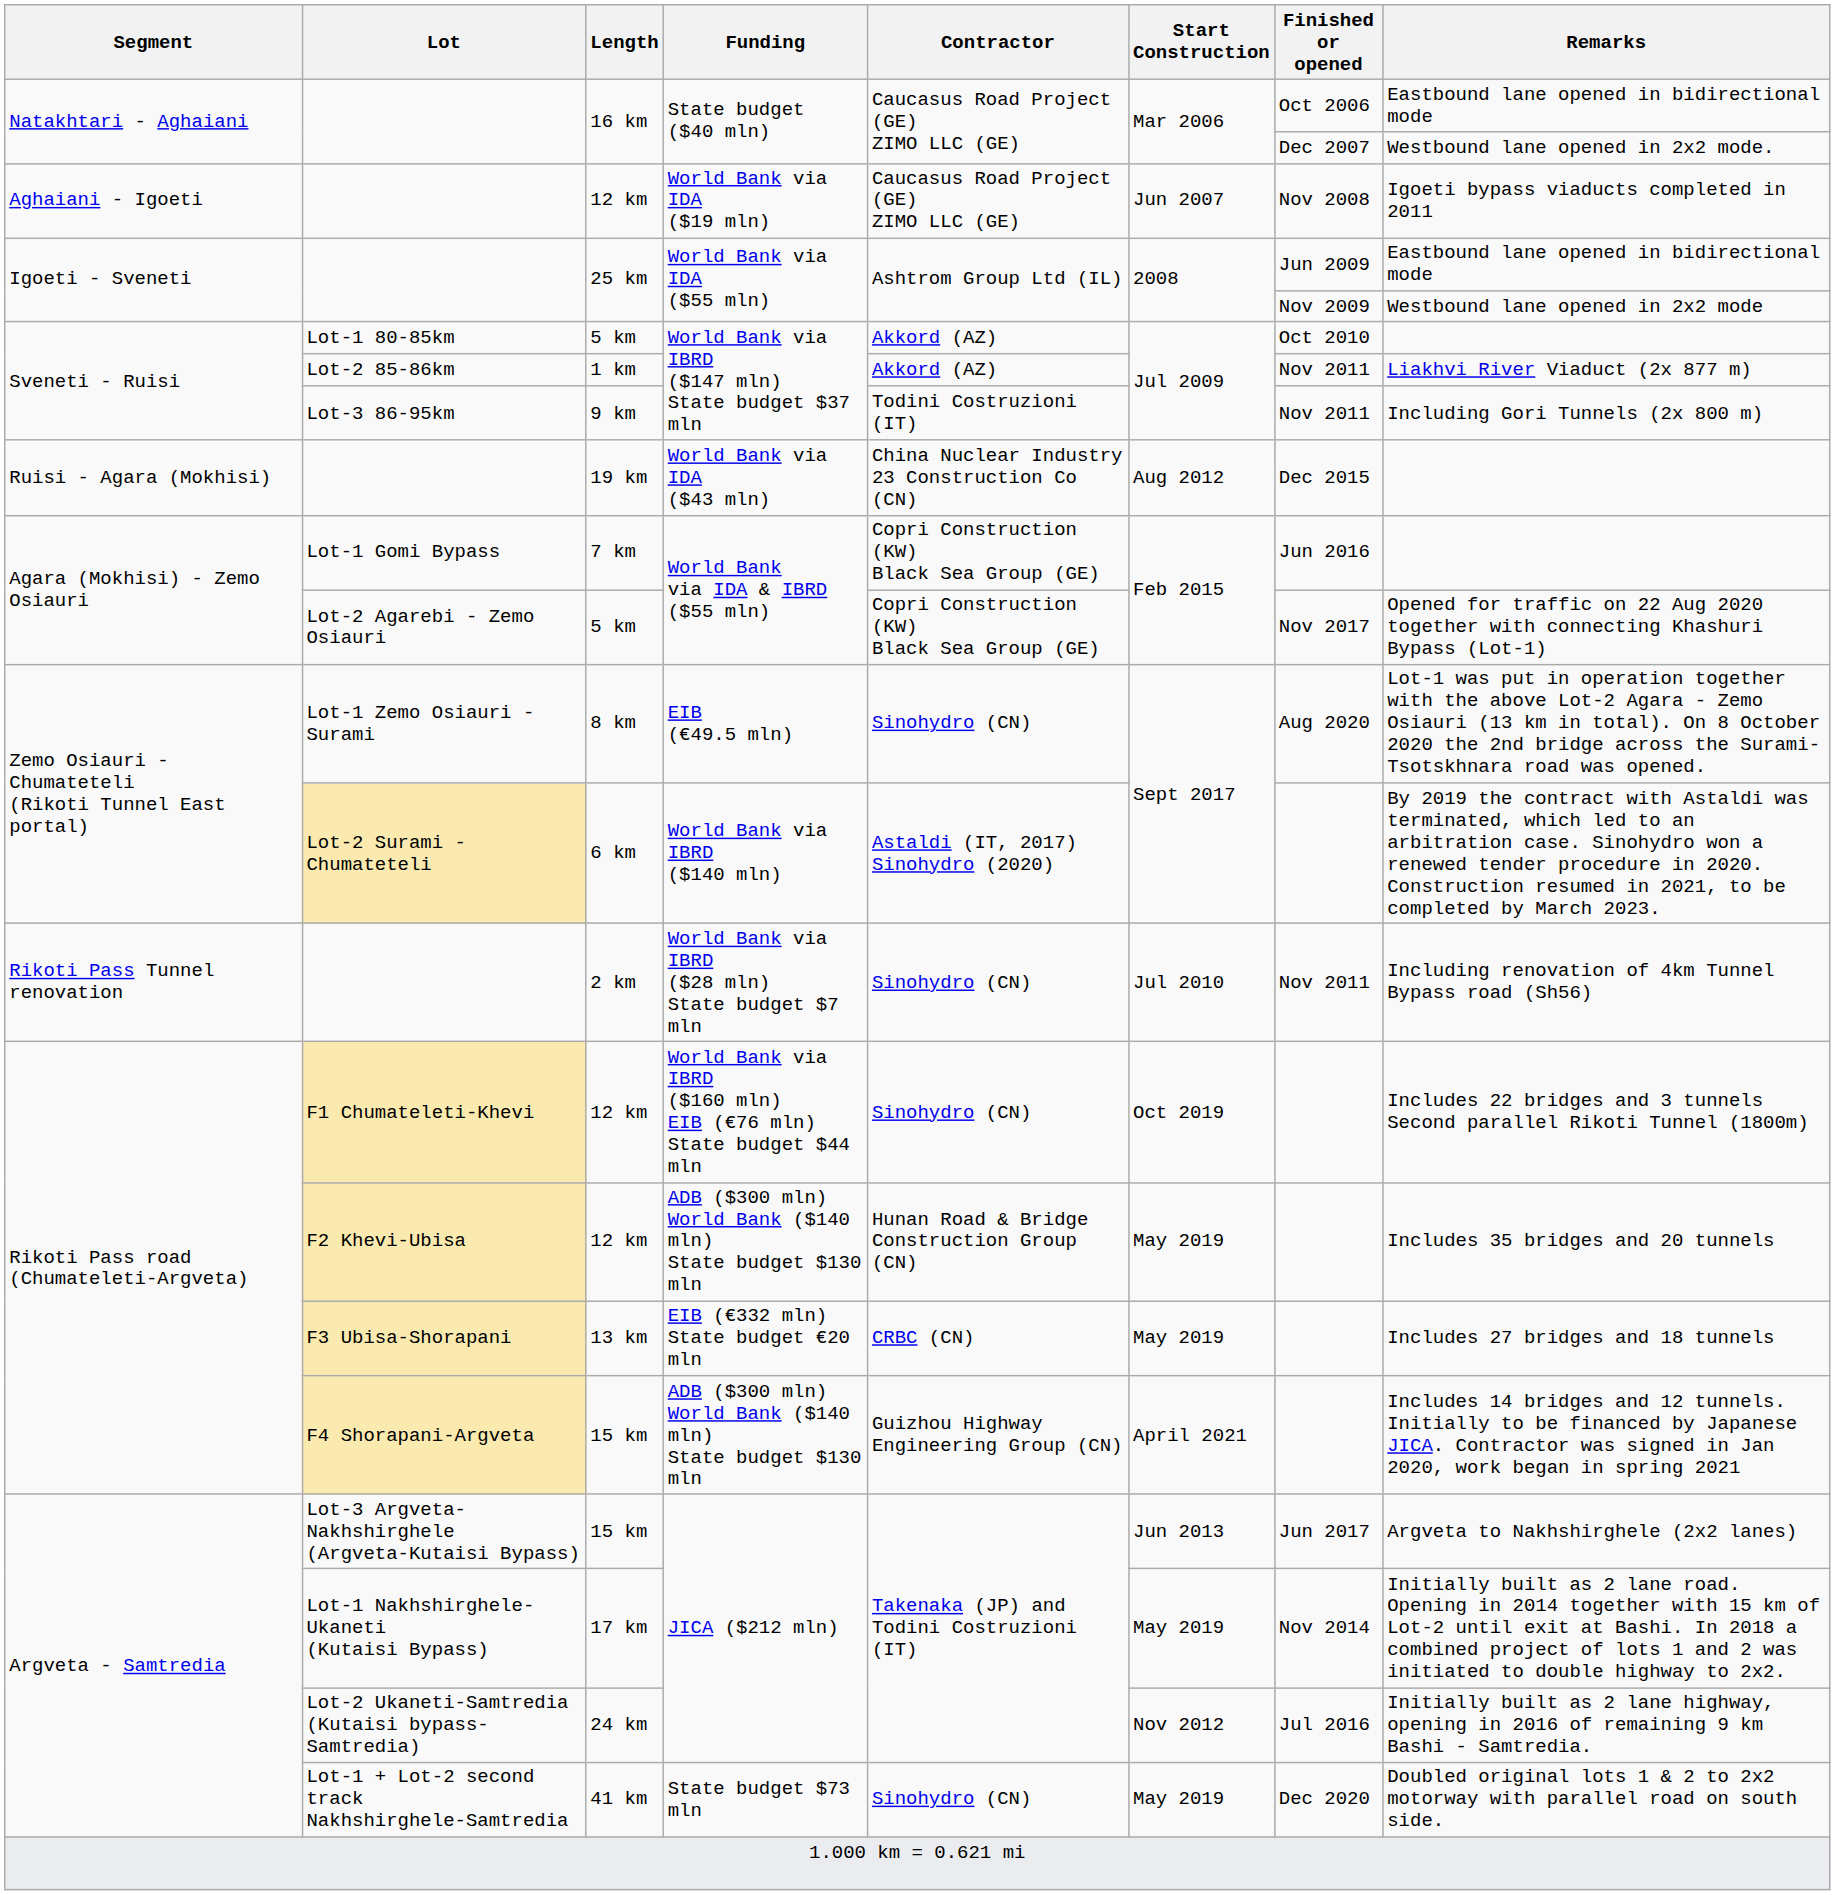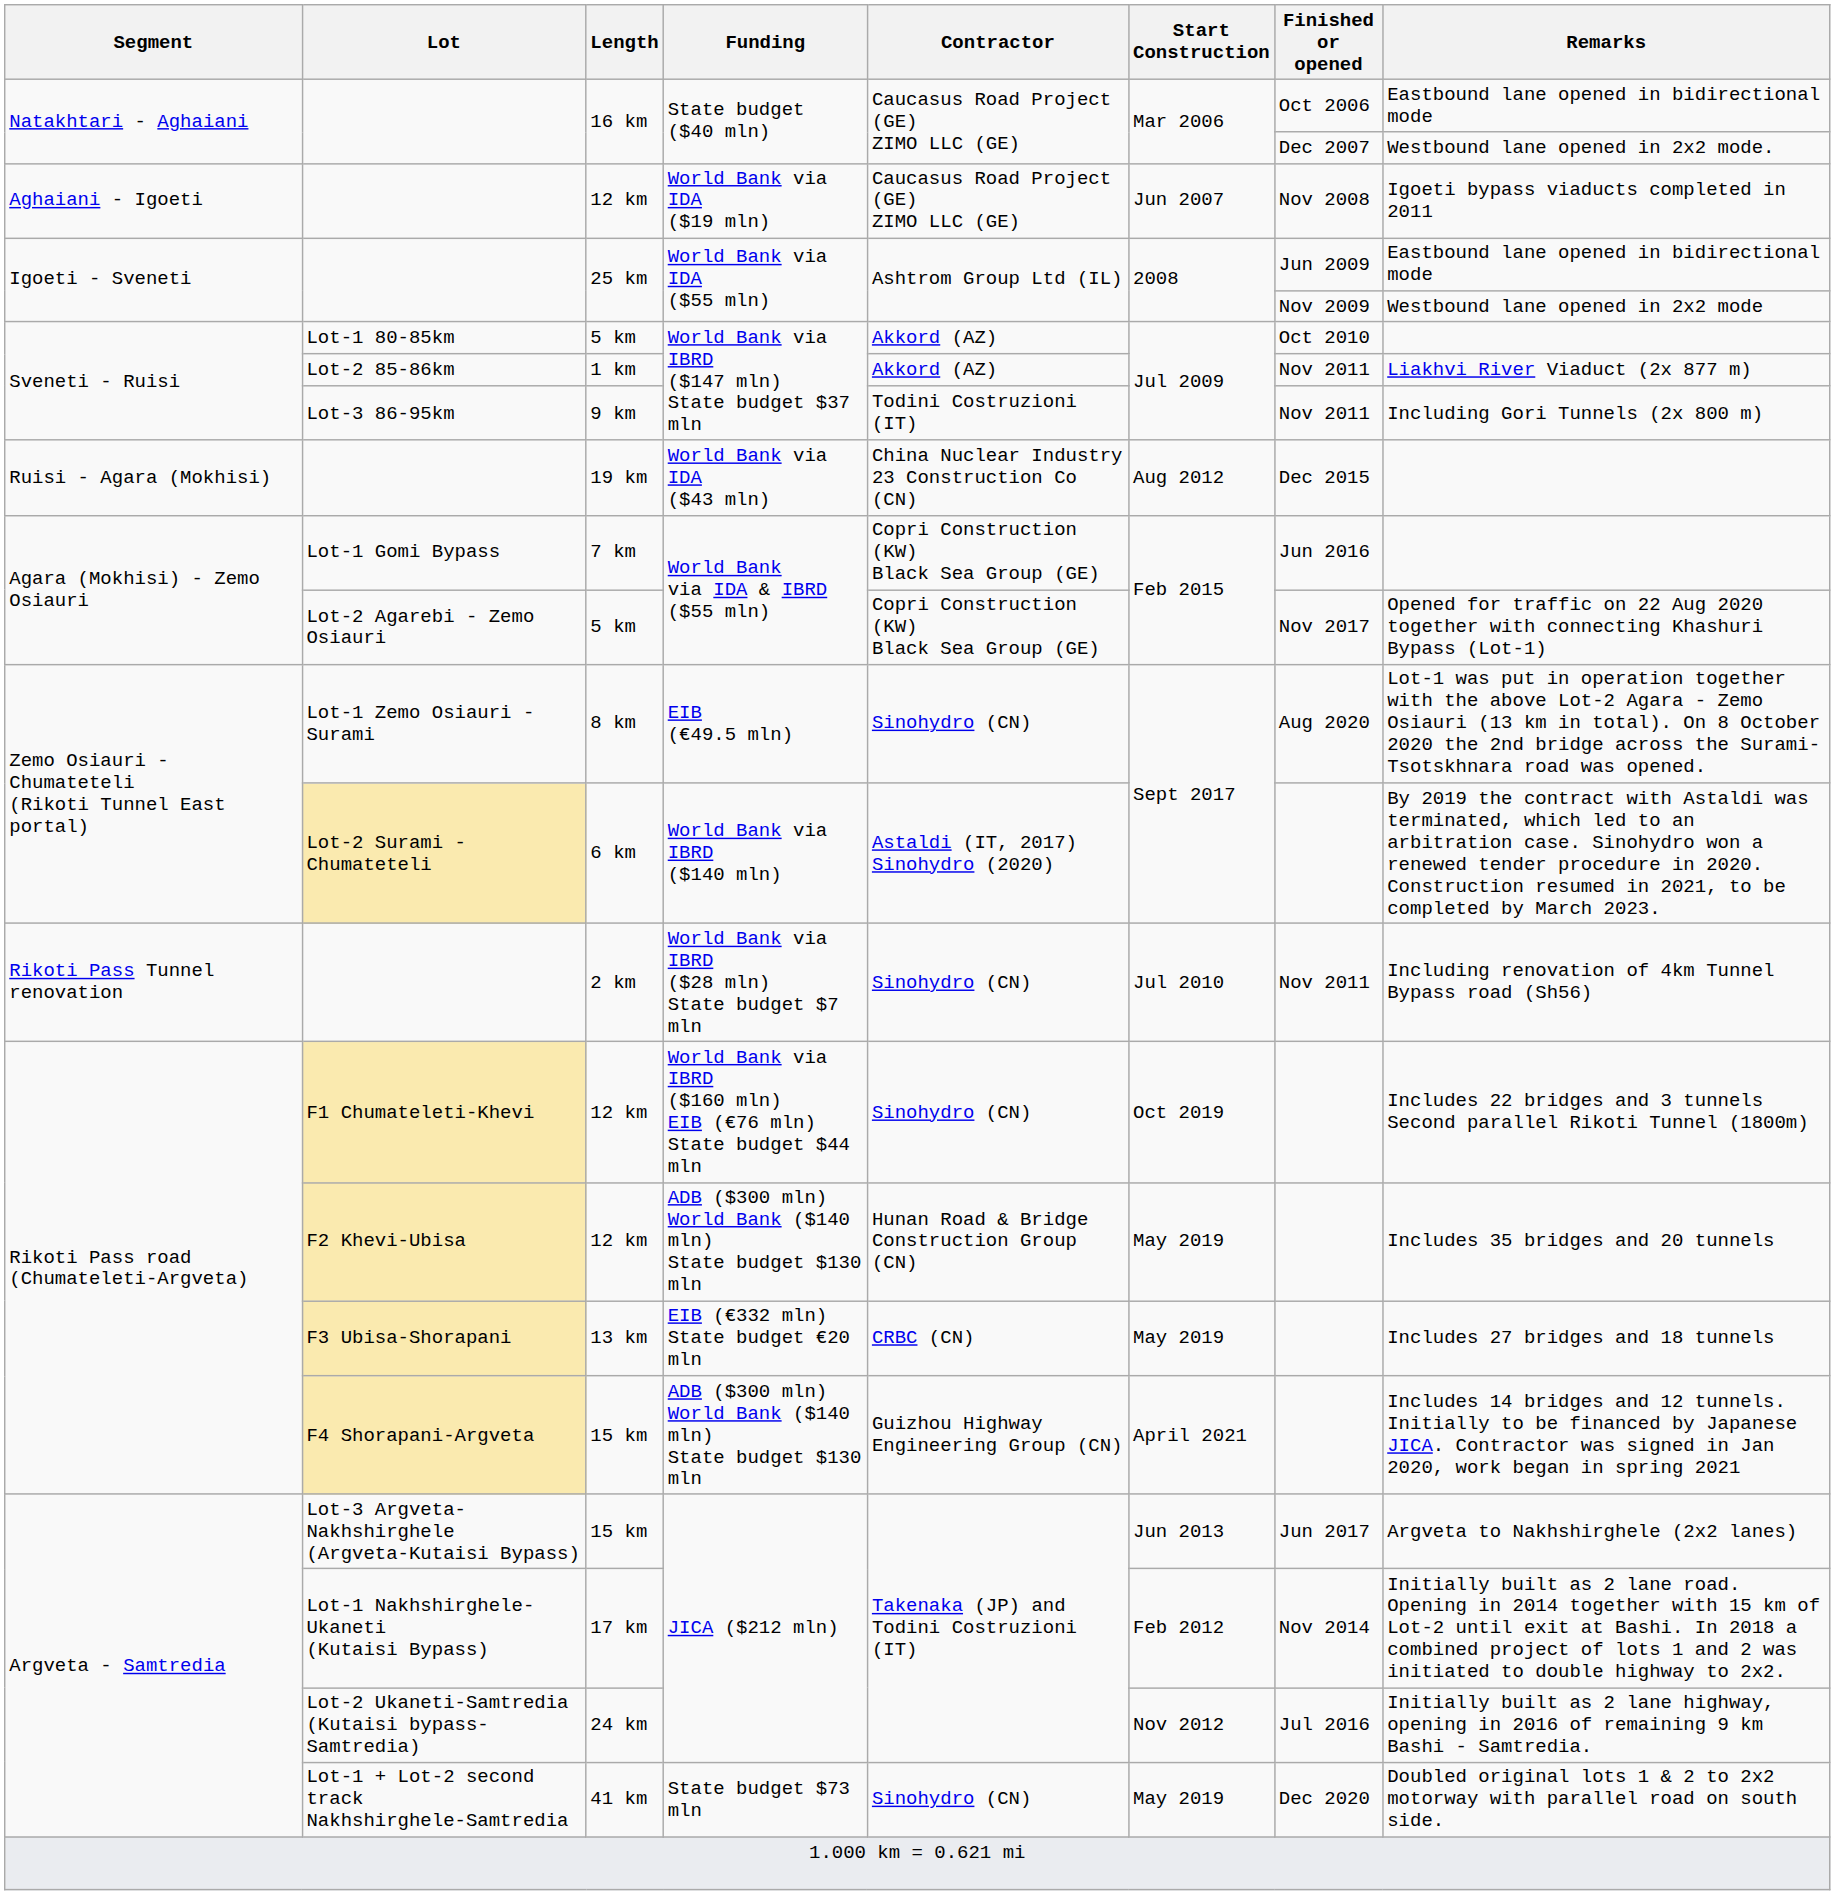 <table class="wikitable">
 <tr>
 <th>Segment</th>
 <th>Lot</th>
 <th>Length</th>
 <th>Funding</th>
 <th>Contractor</th>
 <th>Start<br>Construction</th>
 <th>Finished<br>or opened</th>
 <th width="300px">Remarks</th>
 </tr>
 <tr>
 <td rowspan="2"><a href='#'>Natakhtari</a> - <a href='#'>Aghaiani</a></td>
 <td rowspan="2"></td>
 <td rowspan="2">16 km</td>
 <td rowspan="2">State budget<br>($40 mln)</td>
 <td rowspan="2">Caucasus Road Project (GE)<br>ZIMO LLC (GE)</td>
 <td rowspan="2">Mar 2006</td>
 <td>Oct 2006</td>
 <td>Eastbound lane opened in bidirectional mode</td>
 </tr>
 <tr>
 <td>Dec 2007</td>
 <td>Westbound lane opened in 2x2 mode.</td>
 </tr>
 <tr>
 <td><a href='#'>Aghaiani</a> - Igoeti</td>
 <td></td>
 <td>12 km</td>
 <td><a href='#'>World Bank</a> via <a href='#'>IDA</a><br>($19 mln)</td>
 <td>Caucasus Road Project (GE)<br>ZIMO LLC (GE)</td>
 <td>Jun 2007</td>
 <td>Nov 2008</td>
 <td>Igoeti bypass viaducts completed in 2011</td>
 </tr>
 <tr>
 <td rowspan="2">Igoeti - Sveneti</td>
 <td rowspan="2"></td>
 <td rowspan="2">25 km</td>
 <td rowspan="2"><a href='#'>World Bank</a> via <a href='#'>IDA</a><br>($55 mln)</td>
 <td rowspan="2">Ashtrom Group Ltd (IL)</td>
 <td rowspan="2">2008</td>
 <td>Jun 2009</td>
 <td>Eastbound lane opened in bidirectional mode</td>
 </tr>
 <tr>
 <td>Nov 2009</td>
 <td>Westbound lane opened in 2x2 mode</td>
 </tr>
 <tr>
 <td rowspan="3">Sveneti - Ruisi</td>
 <td>Lot-1 80-85km</td>
 <td>5 km</td>
 <td rowspan="3"><a href='#'>World Bank</a> via <a href='#'>IBRD</a><br>($147 mln)<br>State budget $37 mln</td>
 <td><a href='#'>Akkord</a> (AZ)</td>
 <td rowspan="3">Jul 2009</td>
 <td>Oct 2010</td>
 <td></td>
 </tr>
 <tr>
 <td>Lot-2 85-86km</td>
 <td>1 km</td>
 <td><a href='#'>Akkord</a> (AZ)</td>
 <td>Nov 2011</td>
 <td><a href='#'>Liakhvi River</a> Viaduct (2x 877 m)</td>
 </tr>
 <tr>
 <td>Lot-3 86-95km</td>
 <td>9 km</td>
 <td>Todini Costruzioni (IT)</td>
 <td>Nov 2011</td>
 <td>Including Gori Tunnels (2x 800 m)</td>
 </tr>
 <tr>
 <td>Ruisi - Agara (Mokhisi)</td>
 <td></td>
 <td>19 km</td>
 <td><a href='#'>World Bank</a> via <a href='#'>IDA</a><br>($43 mln)</td>
 <td>China Nuclear Industry<br>23 Construction Co (CN)</td>
 <td>Aug 2012</td>
 <td>Dec 2015</td>
 <td></td>
 </tr>
 <tr>
 <td rowspan="2">Agara (Mokhisi) - Zemo Osiauri</td>
 <td>Lot-1 Gomi Bypass</td>
 <td>7 km</td>
 <td rowspan="2"><a href='#'>World Bank</a><br>via <a href='#'>IDA</a> & <a href='#'>IBRD</a><br>($55 mln)</td>
 <td>Copri Construction (KW)<br>Black Sea Group (GE)</td>
 <td rowspan="2">Feb 2015</td>
 <td>Jun 2016</td>
 <td></td>
 </tr>
 <tr>
 <td>Lot-2 Agarebi - Zemo Osiauri</td>
 <td>5 km</td>
 <td>Copri Construction (KW)<br>Black Sea Group (GE)</td>
 <td>Nov 2017</td>
 <td>Opened for traffic on 22 Aug 2020 together with connecting Khashuri Bypass (Lot-1)</td>
 </tr>
 <tr>
 <td rowspan="2">Zemo Osiauri - Chumateteli<br>(Rikoti Tunnel East portal)</td>
 <td>Lot-1 Zemo Osiauri - Surami</td>
 <td>8 km</td>
 <td><a href='#'>EIB</a><br>(€49.5 mln)</td>
 <td><a href='#'>Sinohydro</a> (CN)</td>
 <td rowspan="2">Sept 2017</td>
 <td>Aug 2020</td>
 <td>Lot-1 was put in operation together with the above Lot-2 Agara - Zemo Osiauri (13 km in total). On 8 October 2020 the 2nd bridge across the Surami-Tsotskhnara road was opened.</td>
 </tr>
 <tr>
 <td style="background-color:#faeaaf;">Lot-2 Surami - Chumateteli</td>
 <td>6 km</td>
 <td><a href='#'>World Bank</a> via <a href='#'>IBRD</a><br>($140 mln)</td>
 <td><a href='#'>Astaldi</a> (IT, 2017)<br><a href='#'>Sinohydro</a> (2020)</td>
 <td></td>
 <td>By 2019 the contract with Astaldi was terminated, which led to an arbitration case. Sinohydro won a renewed tender procedure in 2020. Construction resumed in 2021, to be completed by March 2023.</td>
 </tr>
 <tr>
 <td><a href='#'>Rikoti Pass</a> Tunnel renovation</td>
 <td></td>
 <td>2 km</td>
 <td><a href='#'>World Bank</a> via <a href='#'>IBRD</a><br>($28 mln)<br> State budget $7 mln</td>
 <td><a href='#'>Sinohydro</a> (CN)</td>
 <td>Jul 2010</td>
 <td>Nov 2011</td>
 <td>Including renovation of 4km Tunnel Bypass road (Sh56)</td>
 </tr>
 <tr>
 <td rowspan="4">Rikoti Pass road<br>(Chumateleti-Argveta)</td>
 <td style="background-color:#faeaaf;">F1 Chumateleti-Khevi</td>
 <td>12 km</td>
 <td><a href='#'>World Bank</a> via <a href='#'>IBRD</a><br>($160 mln)<br><a href='#'>EIB</a> (€76 mln)<br>State budget $44 mln</td>
 <td><a href='#'>Sinohydro</a> (CN)</td>
 <td>Oct 2019</td>
 <td></td>
 <td>Includes 22 bridges and 3 tunnels<br>Second parallel Rikoti Tunnel (1800m)</td>
 </tr>
 <tr>
 <td style="background-color:#faeaaf;">F2 Khevi-Ubisa</td>
 <td>12 km</td>
 <td><a href='#'>ADB</a> ($300 mln)<br><a href='#'>World Bank</a> ($140 mln)<br>State budget $130 mln</td>
 <td>Hunan Road & Bridge<br>Construction Group (CN)</td>
 <td>May 2019</td>
 <td></td>
 <td>Includes 35 bridges and 20 tunnels</td>
 </tr>
 <tr>
 <td style="background-color:#faeaaf;">F3 Ubisa-Shorapani</td>
 <td>13 km</td>
 <td><a href='#'>EIB</a> (€332 mln)<br>State budget €20 mln</td>
 <td><a href='#'>CRBC</a> (CN)</td>
 <td>May 2019</td>
 <td></td>
 <td>Includes 27 bridges and 18 tunnels</td>
 </tr>
 <tr>
 <td style="background-color:#faeaaf;">F4 Shorapani-Argveta</td>
 <td>15 km</td>
 <td><a href='#'>ADB</a> ($300 mln)<br><a href='#'>World Bank</a> ($140 mln)<br>State budget $130 mln</td>
 <td>Guizhou Highway<br>Engineering Group (CN)</td>
 <td>April 2021</td>
 <td></td>
 <td>Includes 14 bridges and 12 tunnels. Initially to be financed by Japanese <a href='#'>JICA</a>. Contractor was signed in Jan 2020, work began in spring 2021</td>
 </tr>
 <tr>
 <td rowspan="4">Argveta - <a href='#'>Samtredia</a></td>
 <td>Lot-3 Argveta-Nakhshirghele<br>(Argveta-Kutaisi Bypass)</td>
 <td>15 km</td>
 <td rowspan="3"><a href='#'>JICA</a> ($212 mln)</td>
 <td rowspan="3"><a href='#'>Takenaka</a> (JP) and<br>Todini Costruzioni (IT)</td>
 <td>Jun 2013</td>
 <td>Jun 2017</td>
 <td>Argveta to Nakhshirghele (2x2 lanes)</td>
 </tr>
 <tr>
 <td>Lot-1 Nakhshirghele-Ukaneti<br>(Kutaisi Bypass)</td>
 <td>17 km</td>
-<td>May 2019</td>
+<td>Feb 2012</td>
 <td>Nov 2014</td>
 <td>Initially built as 2 lane road. Opening in 2014 together with 15 km of Lot-2 until exit at Bashi. In 2018 a combined project of lots 1 and 2 was initiated to double highway to 2x2.</td>
 </tr>
 <tr>
 <td>Lot-2 Ukaneti-Samtredia<br>(Kutaisi bypass-Samtredia)</td>
 <td>24 km</td>
 <td>Nov 2012</td>
 <td>Jul 2016</td>
 <td>Initially built as 2 lane highway, opening in 2016 of remaining 9 km Bashi - Samtredia.</td>
 </tr>
 <tr>
 <td>Lot-1 + Lot-2 second track<br>Nakhshirghele-Samtredia</td>
 <td>41 km</td>
 <td>State budget $73 mln</td>
 <td><a href='#'>Sinohydro</a> (CN)</td>
 <td>May 2019</td>
 <td>Dec 2020</td>
 <td>Doubled original lots 1 & 2 to 2x2 motorway with parallel road on south side.</td>
 </tr>
 <tr>
 <td colspan="8" class="wikitable" style="align:center;text-align:center;background-color:#eaecf0">1.000 km = 0.621 mi<br><br></td>
 </tr>
 </table>
